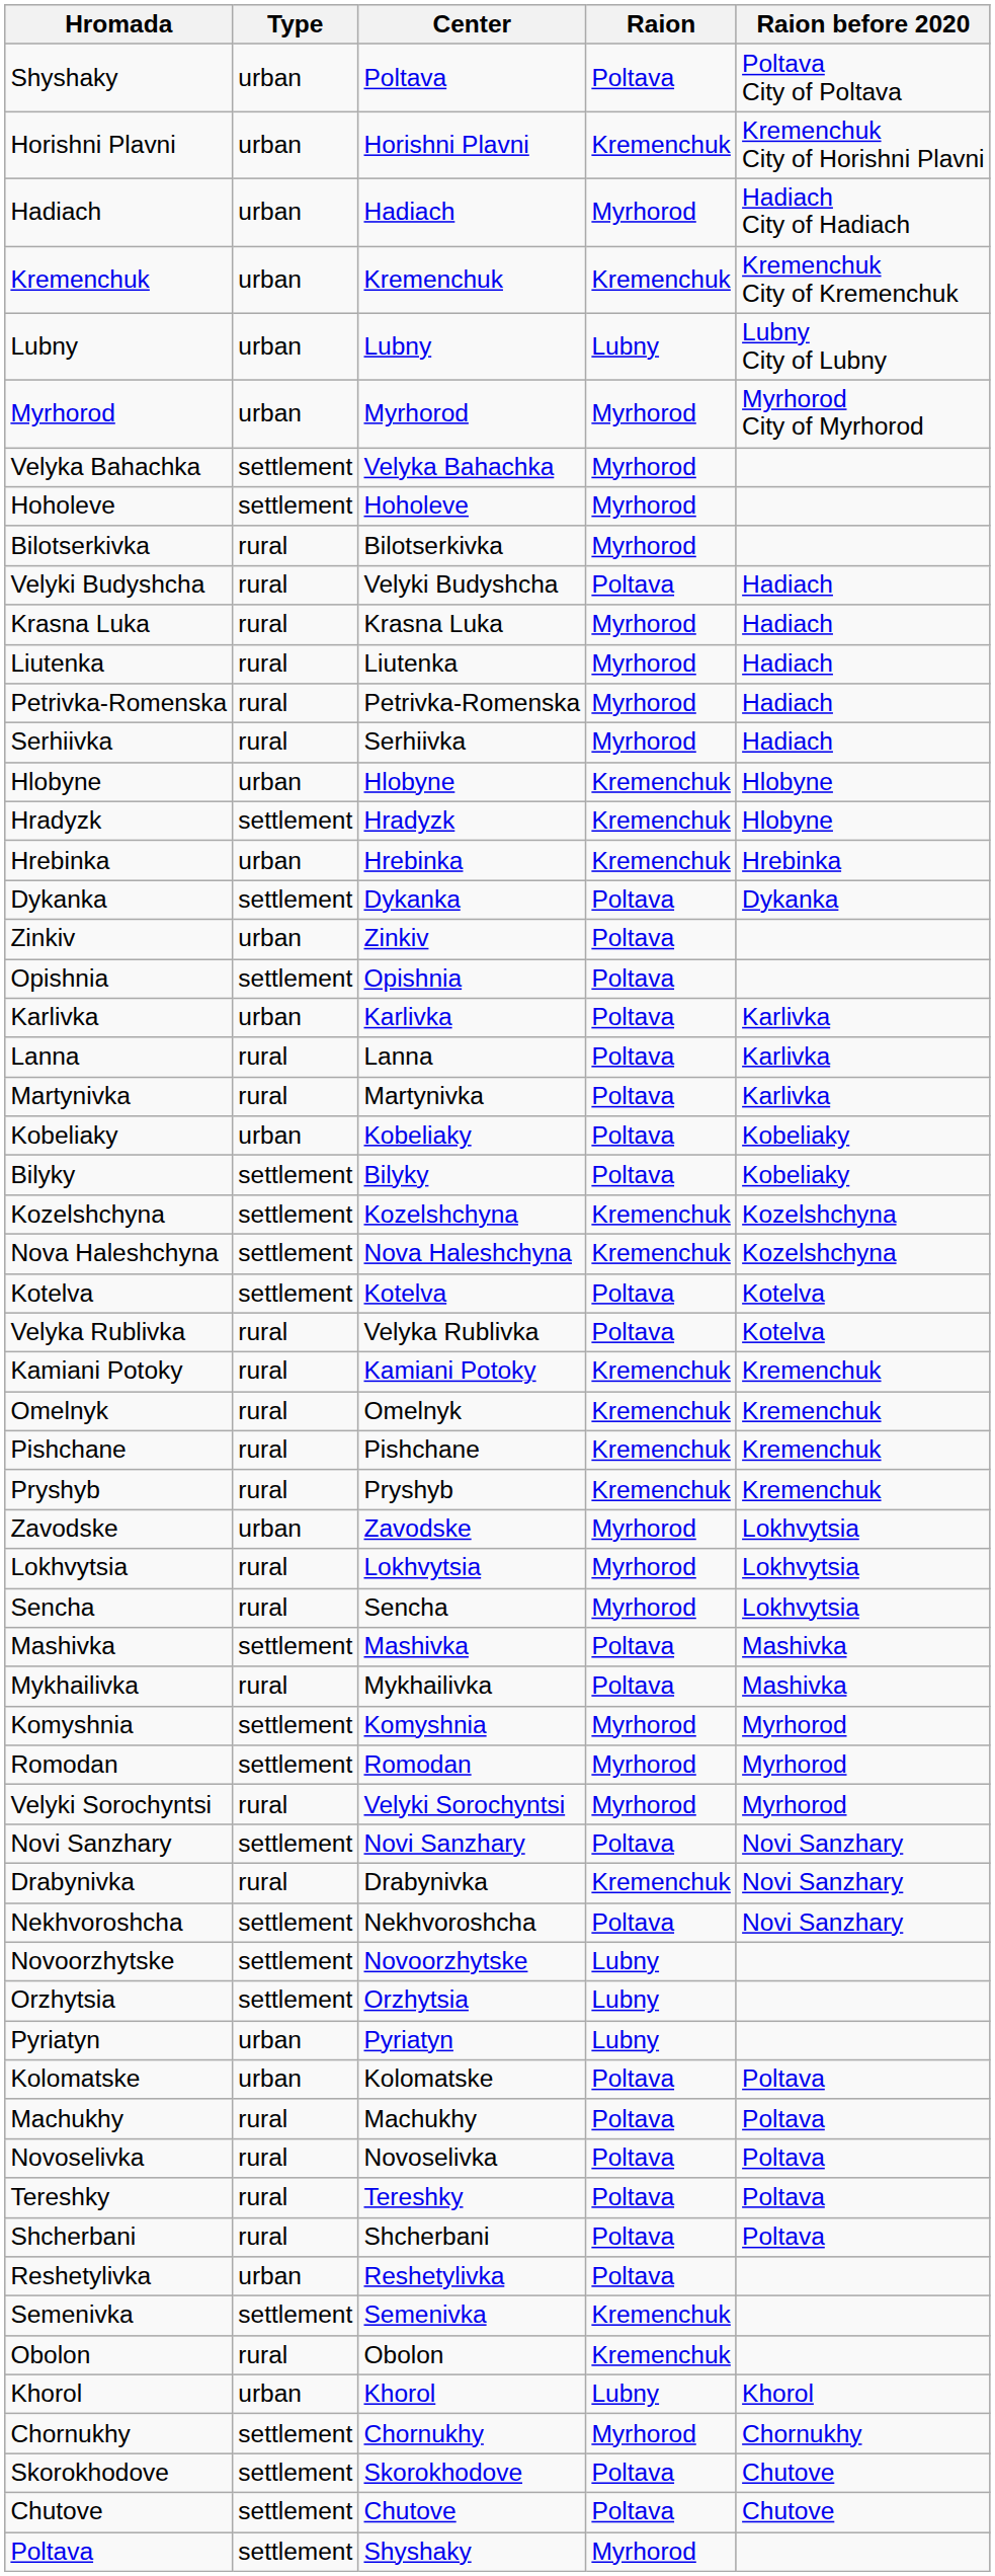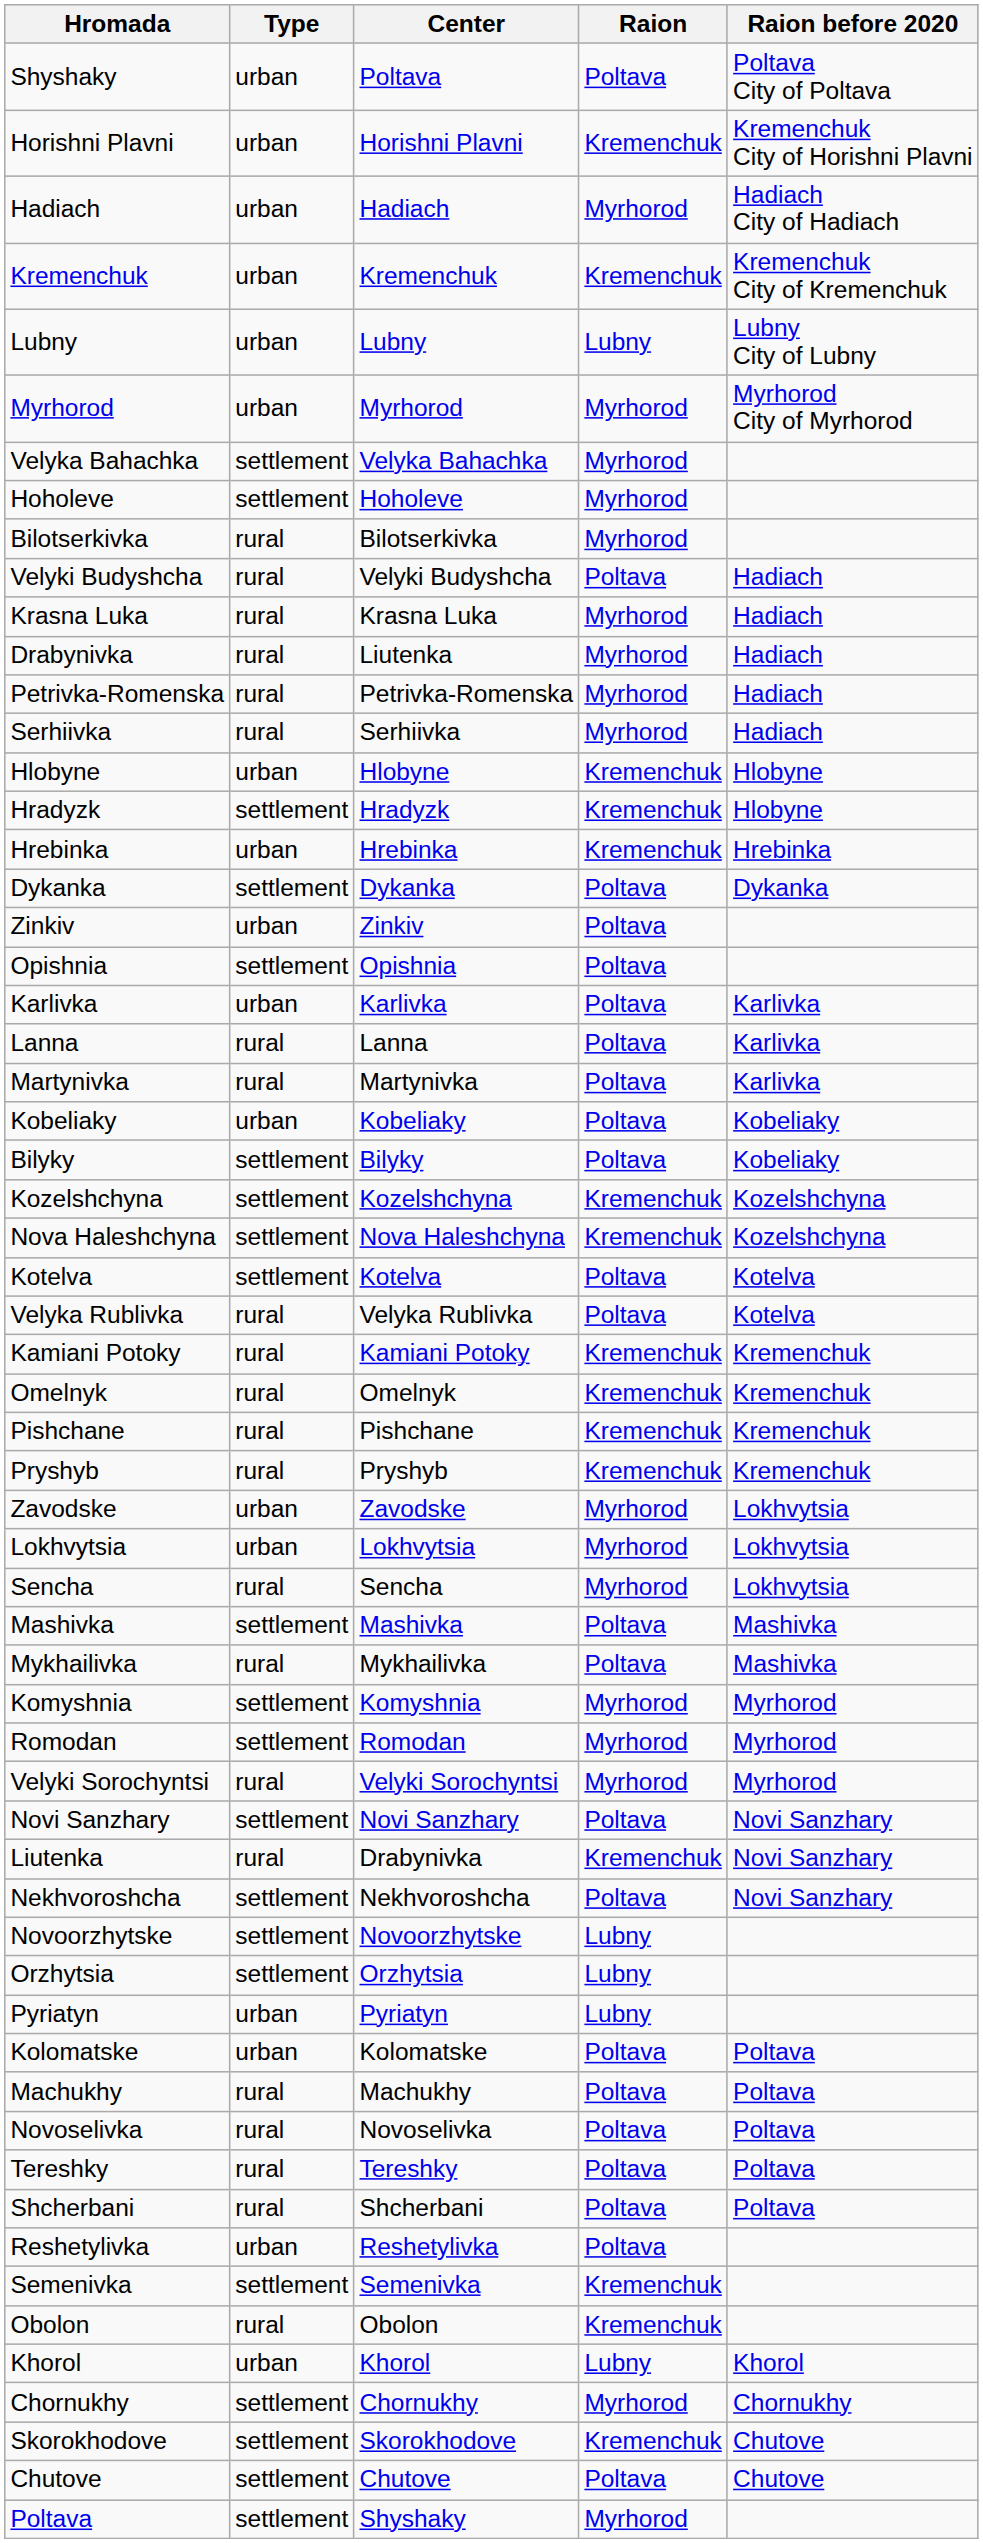 <table class='wikitable sortable'>
 <tr>
 <th>Hromada</th>
 <th>Type</th>
 <th>Center</th>
 <th>Raion</th>
 <th>Raion before 2020</th>
 </tr>
 <tr>
 <td>Shyshaky</td>
 <td>urban</td>
 <td><a href='#'>Poltava</a></td>
 <td><a href='#'>Poltava</a></td>
 <td><a href='#'>Poltava</a> <br> City of Poltava</td>
 </tr>
 <tr>
 <td>Horishni Plavni</td>
 <td>urban</td>
 <td><a href='#'>Horishni Plavni</a></td>
 <td><a href='#'>Kremenchuk</a></td>
 <td><a href='#'>Kremenchuk</a> <br> City of Horishni Plavni</td>
 </tr>
 <tr>
 <td>Hadiach</td>
 <td>urban</td>
 <td><a href='#'>Hadiach</a></td>
 <td><a href='#'>Myrhorod</a></td>
 <td><a href='#'>Hadiach</a> <br> City of Hadiach</td>
 </tr>
 <tr>
 <td><a href='#'>Kremenchuk</a></td>
 <td>urban</td>
 <td><a href='#'>Kremenchuk</a></td>
 <td><a href='#'>Kremenchuk</a></td>
 <td><a href='#'>Kremenchuk</a> <br> City of Kremenchuk</td>
 </tr>
 <tr>
 <td>Lubny</td>
 <td>urban</td>
 <td><a href='#'>Lubny</a></td>
 <td><a href='#'>Lubny</a></td>
 <td><a href='#'>Lubny</a> <br> City of Lubny</td>
 </tr>
 <tr>
 <td><a href='#'>Myrhorod</a></td>
 <td>urban</td>
 <td><a href='#'>Myrhorod</a></td>
 <td><a href='#'>Myrhorod</a></td>
 <td><a href='#'>Myrhorod</a> <br> City of Myrhorod</td>
 </tr>
 <tr>
 <td>Velyka Bahachka</td>
 <td>settlement</td>
 <td><a href='#'>Velyka Bahachka</a></td>
 <td><a href='#'>Myrhorod</a></td>
 <td></td>
 </tr>
 <tr>
 <td>Hoholeve</td>
 <td>settlement</td>
 <td><a href='#'>Hoholeve</a></td>
 <td><a href='#'>Myrhorod</a></td>
 <td></td>
 </tr>
 <tr>
 <td>Bilotserkivka</td>
 <td>rural</td>
 <td>Bilotserkivka</td>
 <td><a href='#'>Myrhorod</a></td>
 <td></td>
 </tr>
 <tr>
 <td>Velyki Budyshcha</td>
 <td>rural</td>
 <td>Velyki Budyshcha</td>
 <td><a href='#'>Poltava</a></td>
 <td><a href='#'>Hadiach</a></td>
 </tr>
 <tr>
 <td>Krasna Luka</td>
 <td>rural</td>
 <td>Krasna Luka</td>
 <td><a href='#'>Myrhorod</a></td>
 <td><a href='#'>Hadiach</a></td>
 </tr>
 <tr>
-<td>Liutenka</td>
+<td>Drabynivka</td>
 <td>rural</td>
 <td>Liutenka</td>
 <td><a href='#'>Myrhorod</a></td>
 <td><a href='#'>Hadiach</a></td>
 </tr>
 <tr>
 <td>Petrivka-Romenska</td>
 <td>rural</td>
 <td>Petrivka-Romenska</td>
 <td><a href='#'>Myrhorod</a></td>
 <td><a href='#'>Hadiach</a></td>
 </tr>
 <tr>
 <td>Serhiivka</td>
 <td>rural</td>
 <td>Serhiivka</td>
 <td><a href='#'>Myrhorod</a></td>
 <td><a href='#'>Hadiach</a></td>
 </tr>
 <tr>
 <td>Hlobyne</td>
 <td>urban</td>
 <td><a href='#'>Hlobyne</a></td>
 <td><a href='#'>Kremenchuk</a></td>
 <td><a href='#'>Hlobyne</a></td>
 </tr>
 <tr>
 <td>Hradyzk</td>
 <td>settlement</td>
 <td><a href='#'>Hradyzk</a></td>
 <td><a href='#'>Kremenchuk</a></td>
 <td><a href='#'>Hlobyne</a></td>
 </tr>
 <tr>
 <td>Hrebinka</td>
 <td>urban</td>
 <td><a href='#'>Hrebinka</a></td>
 <td><a href='#'>Kremenchuk</a></td>
 <td><a href='#'>Hrebinka</a></td>
 </tr>
 <tr>
 <td>Dykanka</td>
 <td>settlement</td>
 <td><a href='#'>Dykanka</a></td>
 <td><a href='#'>Poltava</a></td>
 <td><a href='#'>Dykanka</a></td>
 </tr>
 <tr>
 <td>Zinkiv</td>
 <td>urban</td>
 <td><a href='#'>Zinkiv</a></td>
 <td><a href='#'>Poltava</a></td>
 <td></td>
 </tr>
 <tr>
 <td>Opishnia</td>
 <td>settlement</td>
 <td><a href='#'>Opishnia</a></td>
 <td><a href='#'>Poltava</a></td>
 <td></td>
 </tr>
 <tr>
 <td>Karlivka</td>
 <td>urban</td>
 <td><a href='#'>Karlivka</a></td>
 <td><a href='#'>Poltava</a></td>
 <td><a href='#'>Karlivka</a></td>
 </tr>
 <tr>
 <td>Lanna</td>
 <td>rural</td>
 <td>Lanna</td>
 <td><a href='#'>Poltava</a></td>
 <td><a href='#'>Karlivka</a></td>
 </tr>
 <tr>
 <td>Martynivka</td>
 <td>rural</td>
 <td>Martynivka</td>
 <td><a href='#'>Poltava</a></td>
 <td><a href='#'>Karlivka</a></td>
 </tr>
 <tr>
 <td>Kobeliaky</td>
 <td>urban</td>
 <td><a href='#'>Kobeliaky</a></td>
 <td><a href='#'>Poltava</a></td>
 <td><a href='#'>Kobeliaky</a></td>
 </tr>
 <tr>
 <td>Bilyky</td>
 <td>settlement</td>
 <td><a href='#'>Bilyky</a></td>
 <td><a href='#'>Poltava</a></td>
 <td><a href='#'>Kobeliaky</a></td>
 </tr>
 <tr>
 <td>Kozelshchyna</td>
 <td>settlement</td>
 <td><a href='#'>Kozelshchyna</a></td>
 <td><a href='#'>Kremenchuk</a></td>
 <td><a href='#'>Kozelshchyna</a></td>
 </tr>
 <tr>
 <td>Nova Haleshchyna</td>
 <td>settlement</td>
 <td><a href='#'>Nova Haleshchyna</a></td>
 <td><a href='#'>Kremenchuk</a></td>
 <td><a href='#'>Kozelshchyna</a></td>
 </tr>
 <tr>
 <td>Kotelva</td>
 <td>settlement</td>
 <td><a href='#'>Kotelva</a></td>
 <td><a href='#'>Poltava</a></td>
 <td><a href='#'>Kotelva</a></td>
 </tr>
 <tr>
 <td>Velyka Rublivka</td>
 <td>rural</td>
 <td>Velyka Rublivka</td>
 <td><a href='#'>Poltava</a></td>
 <td><a href='#'>Kotelva</a></td>
 </tr>
 <tr>
 <td>Kamiani Potoky</td>
 <td>rural</td>
 <td><a href='#'>Kamiani Potoky</a></td>
 <td><a href='#'>Kremenchuk</a></td>
 <td><a href='#'>Kremenchuk</a></td>
 </tr>
 <tr>
 <td>Omelnyk</td>
 <td>rural</td>
 <td>Omelnyk</td>
 <td><a href='#'>Kremenchuk</a></td>
 <td><a href='#'>Kremenchuk</a></td>
 </tr>
 <tr>
 <td>Pishchane</td>
 <td>rural</td>
 <td>Pishchane</td>
 <td><a href='#'>Kremenchuk</a></td>
 <td><a href='#'>Kremenchuk</a></td>
 </tr>
 <tr>
 <td>Pryshyb</td>
 <td>rural</td>
 <td>Pryshyb</td>
 <td><a href='#'>Kremenchuk</a></td>
 <td><a href='#'>Kremenchuk</a></td>
 </tr>
 <tr>
 <td>Zavodske</td>
 <td>urban</td>
 <td><a href='#'>Zavodske</a></td>
 <td><a href='#'>Myrhorod</a></td>
 <td><a href='#'>Lokhvytsia</a></td>
 </tr>
 <tr>
 <td>Lokhvytsia</td>
-<td>rural</td>
+<td>urban</td>
 <td><a href='#'>Lokhvytsia</a></td>
 <td><a href='#'>Myrhorod</a></td>
 <td><a href='#'>Lokhvytsia</a></td>
 </tr>
 <tr>
 <td>Sencha</td>
 <td>rural</td>
 <td>Sencha</td>
 <td><a href='#'>Myrhorod</a></td>
 <td><a href='#'>Lokhvytsia</a></td>
 </tr>
 <tr>
 <td>Mashivka</td>
 <td>settlement</td>
 <td><a href='#'>Mashivka</a></td>
 <td><a href='#'>Poltava</a></td>
 <td><a href='#'>Mashivka</a></td>
 </tr>
 <tr>
 <td>Mykhailivka</td>
 <td>rural</td>
 <td>Mykhailivka</td>
 <td><a href='#'>Poltava</a></td>
 <td><a href='#'>Mashivka</a></td>
 </tr>
 <tr>
 <td>Komyshnia</td>
 <td>settlement</td>
 <td><a href='#'>Komyshnia</a></td>
 <td><a href='#'>Myrhorod</a></td>
 <td><a href='#'>Myrhorod</a></td>
 </tr>
 <tr>
 <td>Romodan</td>
 <td>settlement</td>
 <td><a href='#'>Romodan</a></td>
 <td><a href='#'>Myrhorod</a></td>
 <td><a href='#'>Myrhorod</a></td>
 </tr>
 <tr>
 <td>Velyki Sorochyntsi</td>
 <td>rural</td>
 <td><a href='#'>Velyki Sorochyntsi</a></td>
 <td><a href='#'>Myrhorod</a></td>
 <td><a href='#'>Myrhorod</a></td>
 </tr>
 <tr>
 <td>Novi Sanzhary</td>
 <td>settlement</td>
 <td><a href='#'>Novi Sanzhary</a></td>
 <td><a href='#'>Poltava</a></td>
 <td><a href='#'>Novi Sanzhary</a></td>
 </tr>
 <tr>
-<td>Drabynivka</td>
+<td>Liutenka</td>
 <td>rural</td>
 <td>Drabynivka</td>
 <td><a href='#'>Kremenchuk</a></td>
 <td><a href='#'>Novi Sanzhary</a></td>
 </tr>
 <tr>
 <td>Nekhvoroshcha</td>
 <td>settlement</td>
 <td>Nekhvoroshcha</td>
 <td><a href='#'>Poltava</a></td>
 <td><a href='#'>Novi Sanzhary</a></td>
 </tr>
 <tr>
 <td>Novoorzhytske</td>
 <td>settlement</td>
 <td><a href='#'>Novoorzhytske</a></td>
 <td><a href='#'>Lubny</a></td>
 <td></td>
 </tr>
 <tr>
 <td>Orzhytsia</td>
 <td>settlement</td>
 <td><a href='#'>Orzhytsia</a></td>
 <td><a href='#'>Lubny</a></td>
 <td></td>
 </tr>
 <tr>
 <td>Pyriatyn</td>
 <td>urban</td>
 <td><a href='#'>Pyriatyn</a></td>
 <td><a href='#'>Lubny</a></td>
 <td></td>
 </tr>
 <tr>
 <td>Kolomatske</td>
 <td>urban</td>
 <td>Kolomatske</td>
 <td><a href='#'>Poltava</a></td>
 <td><a href='#'>Poltava</a></td>
 </tr>
 <tr>
 <td>Machukhy</td>
 <td>rural</td>
 <td>Machukhy</td>
 <td><a href='#'>Poltava</a></td>
 <td><a href='#'>Poltava</a></td>
 </tr>
 <tr>
 <td>Novoselivka</td>
 <td>rural</td>
 <td>Novoselivka</td>
 <td><a href='#'>Poltava</a></td>
 <td><a href='#'>Poltava</a></td>
 </tr>
 <tr>
 <td>Tereshky</td>
 <td>rural</td>
 <td><a href='#'>Tereshky</a></td>
 <td><a href='#'>Poltava</a></td>
 <td><a href='#'>Poltava</a></td>
 </tr>
 <tr>
 <td>Shcherbani</td>
 <td>rural</td>
 <td>Shcherbani</td>
 <td><a href='#'>Poltava</a></td>
 <td><a href='#'>Poltava</a></td>
 </tr>
 <tr>
 <td>Reshetylivka</td>
 <td>urban</td>
 <td><a href='#'>Reshetylivka</a></td>
 <td><a href='#'>Poltava</a></td>
 <td></td>
 </tr>
 <tr>
 <td>Semenivka</td>
 <td>settlement</td>
 <td><a href='#'>Semenivka</a></td>
 <td><a href='#'>Kremenchuk</a></td>
 <td></td>
 </tr>
 <tr>
 <td>Obolon</td>
 <td>rural</td>
 <td>Obolon</td>
 <td><a href='#'>Kremenchuk</a></td>
 <td></td>
 </tr>
 <tr>
 <td>Khorol</td>
 <td>urban</td>
 <td><a href='#'>Khorol</a></td>
 <td><a href='#'>Lubny</a></td>
 <td><a href='#'>Khorol</a></td>
 </tr>
 <tr>
 <td>Chornukhy</td>
 <td>settlement</td>
 <td><a href='#'>Chornukhy</a></td>
 <td><a href='#'>Myrhorod</a></td>
 <td><a href='#'>Chornukhy</a></td>
 </tr>
 <tr>
 <td>Skorokhodove</td>
 <td>settlement</td>
 <td><a href='#'>Skorokhodove</a></td>
-<td><a href='#'>Poltava</a></td>
+<td><a href='#'>Kremenchuk</a></td>
 <td><a href='#'>Chutove</a></td>
 </tr>
 <tr>
 <td>Chutove</td>
 <td>settlement</td>
 <td><a href='#'>Chutove</a></td>
 <td><a href='#'>Poltava</a></td>
 <td><a href='#'>Chutove</a></td>
 </tr>
 <tr>
 <td><a href='#'>Poltava</a></td>
 <td>settlement</td>
 <td><a href='#'>Shyshaky</a></td>
 <td><a href='#'>Myrhorod</a></td>
 <td></td>
 </tr>
 </table>
